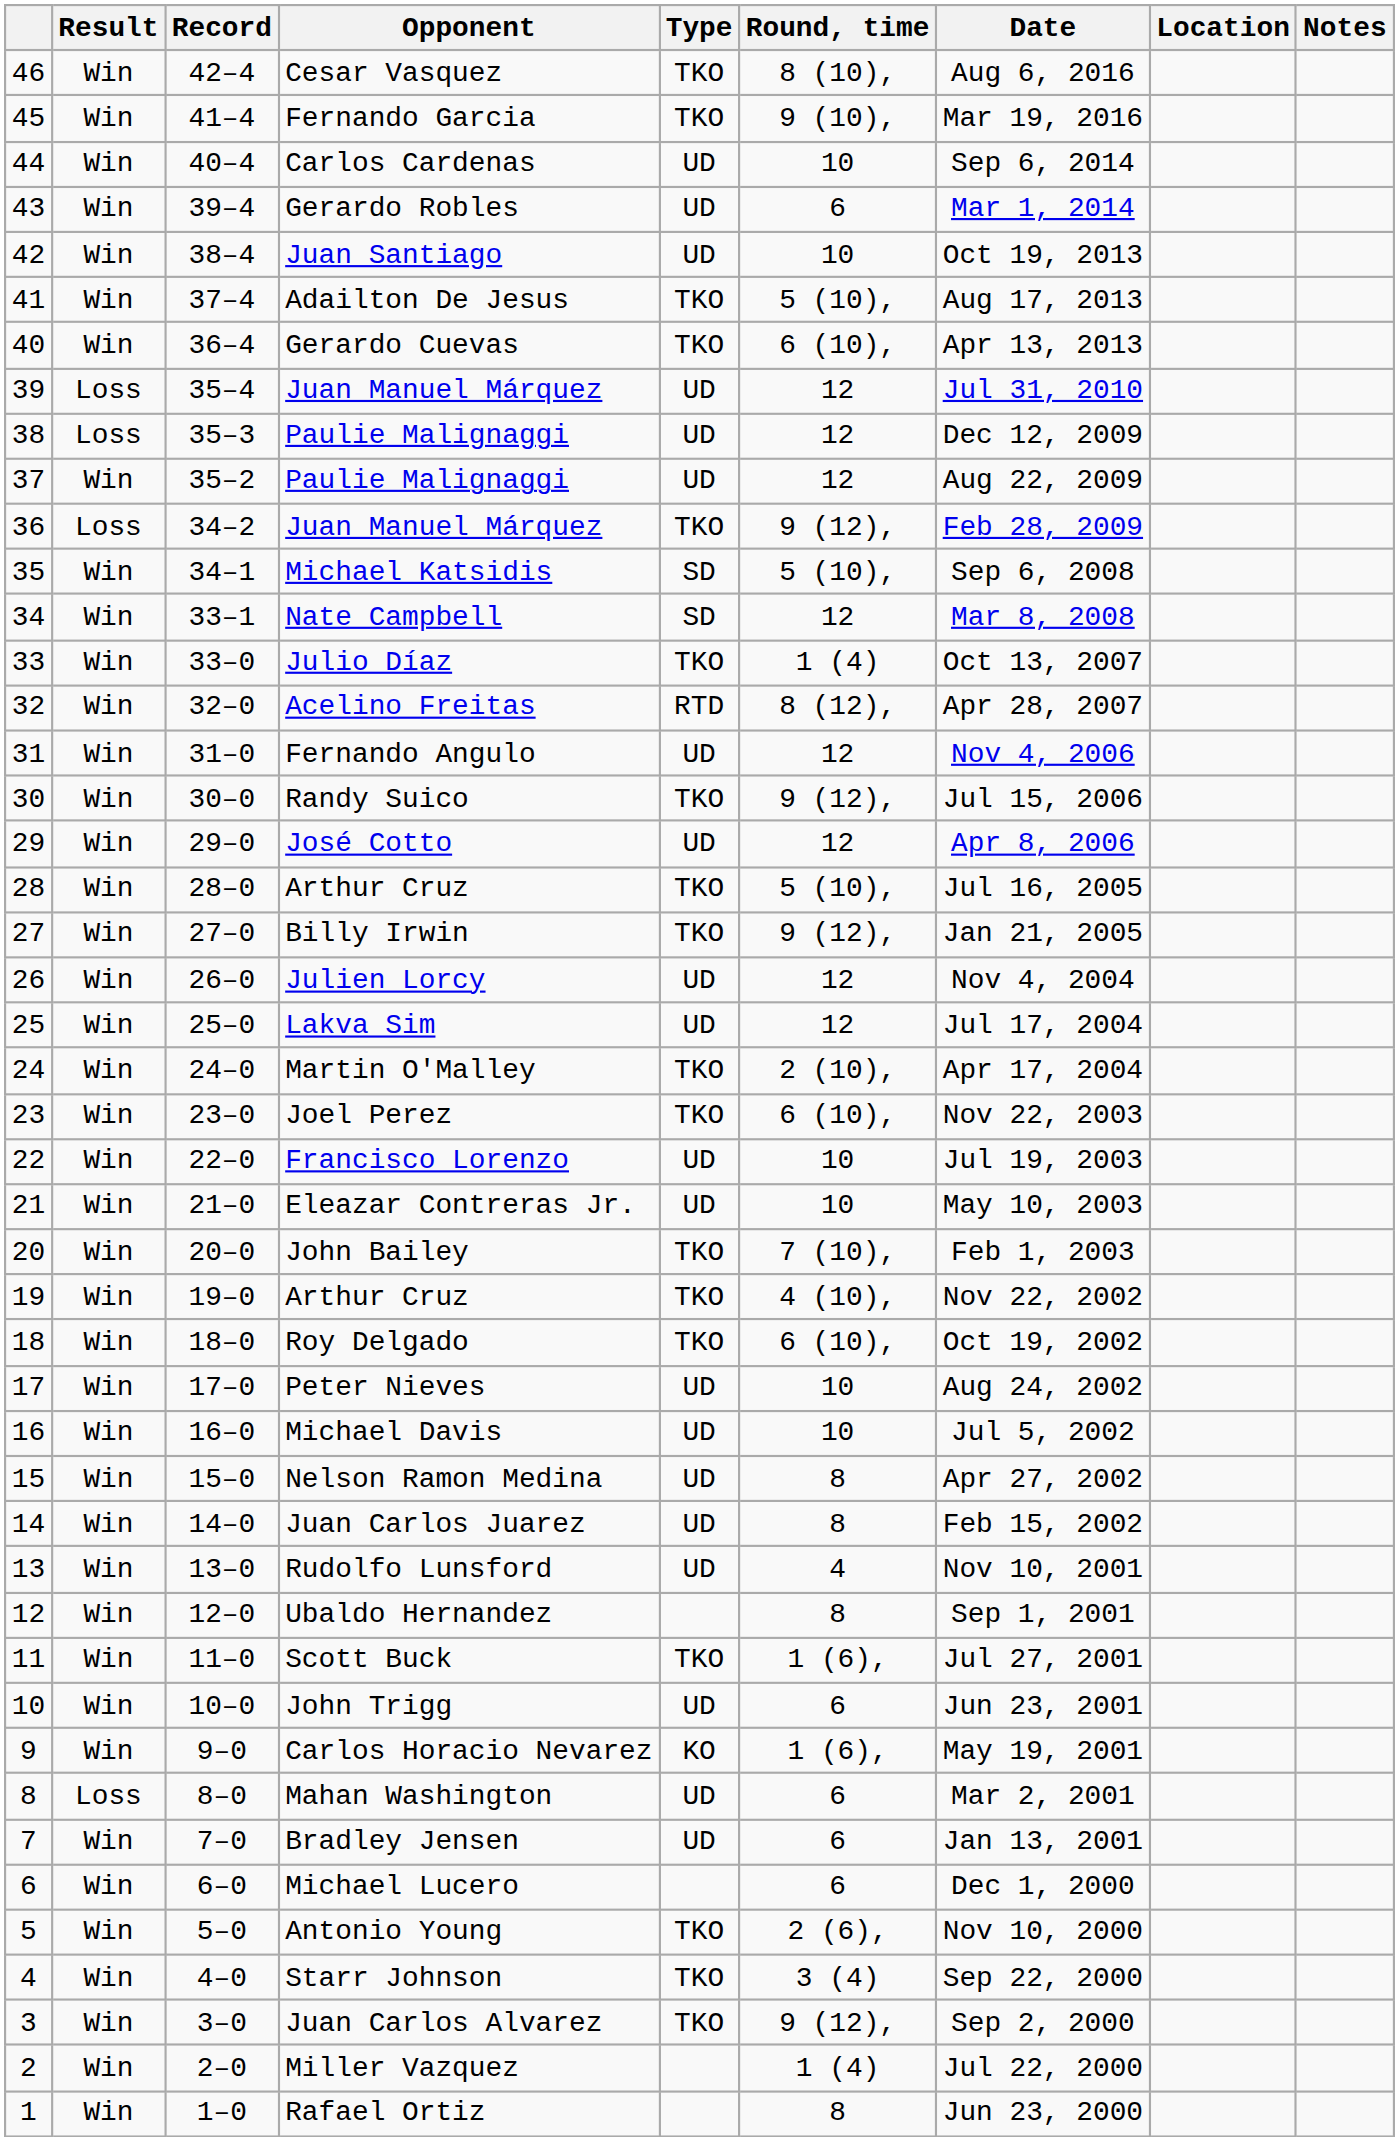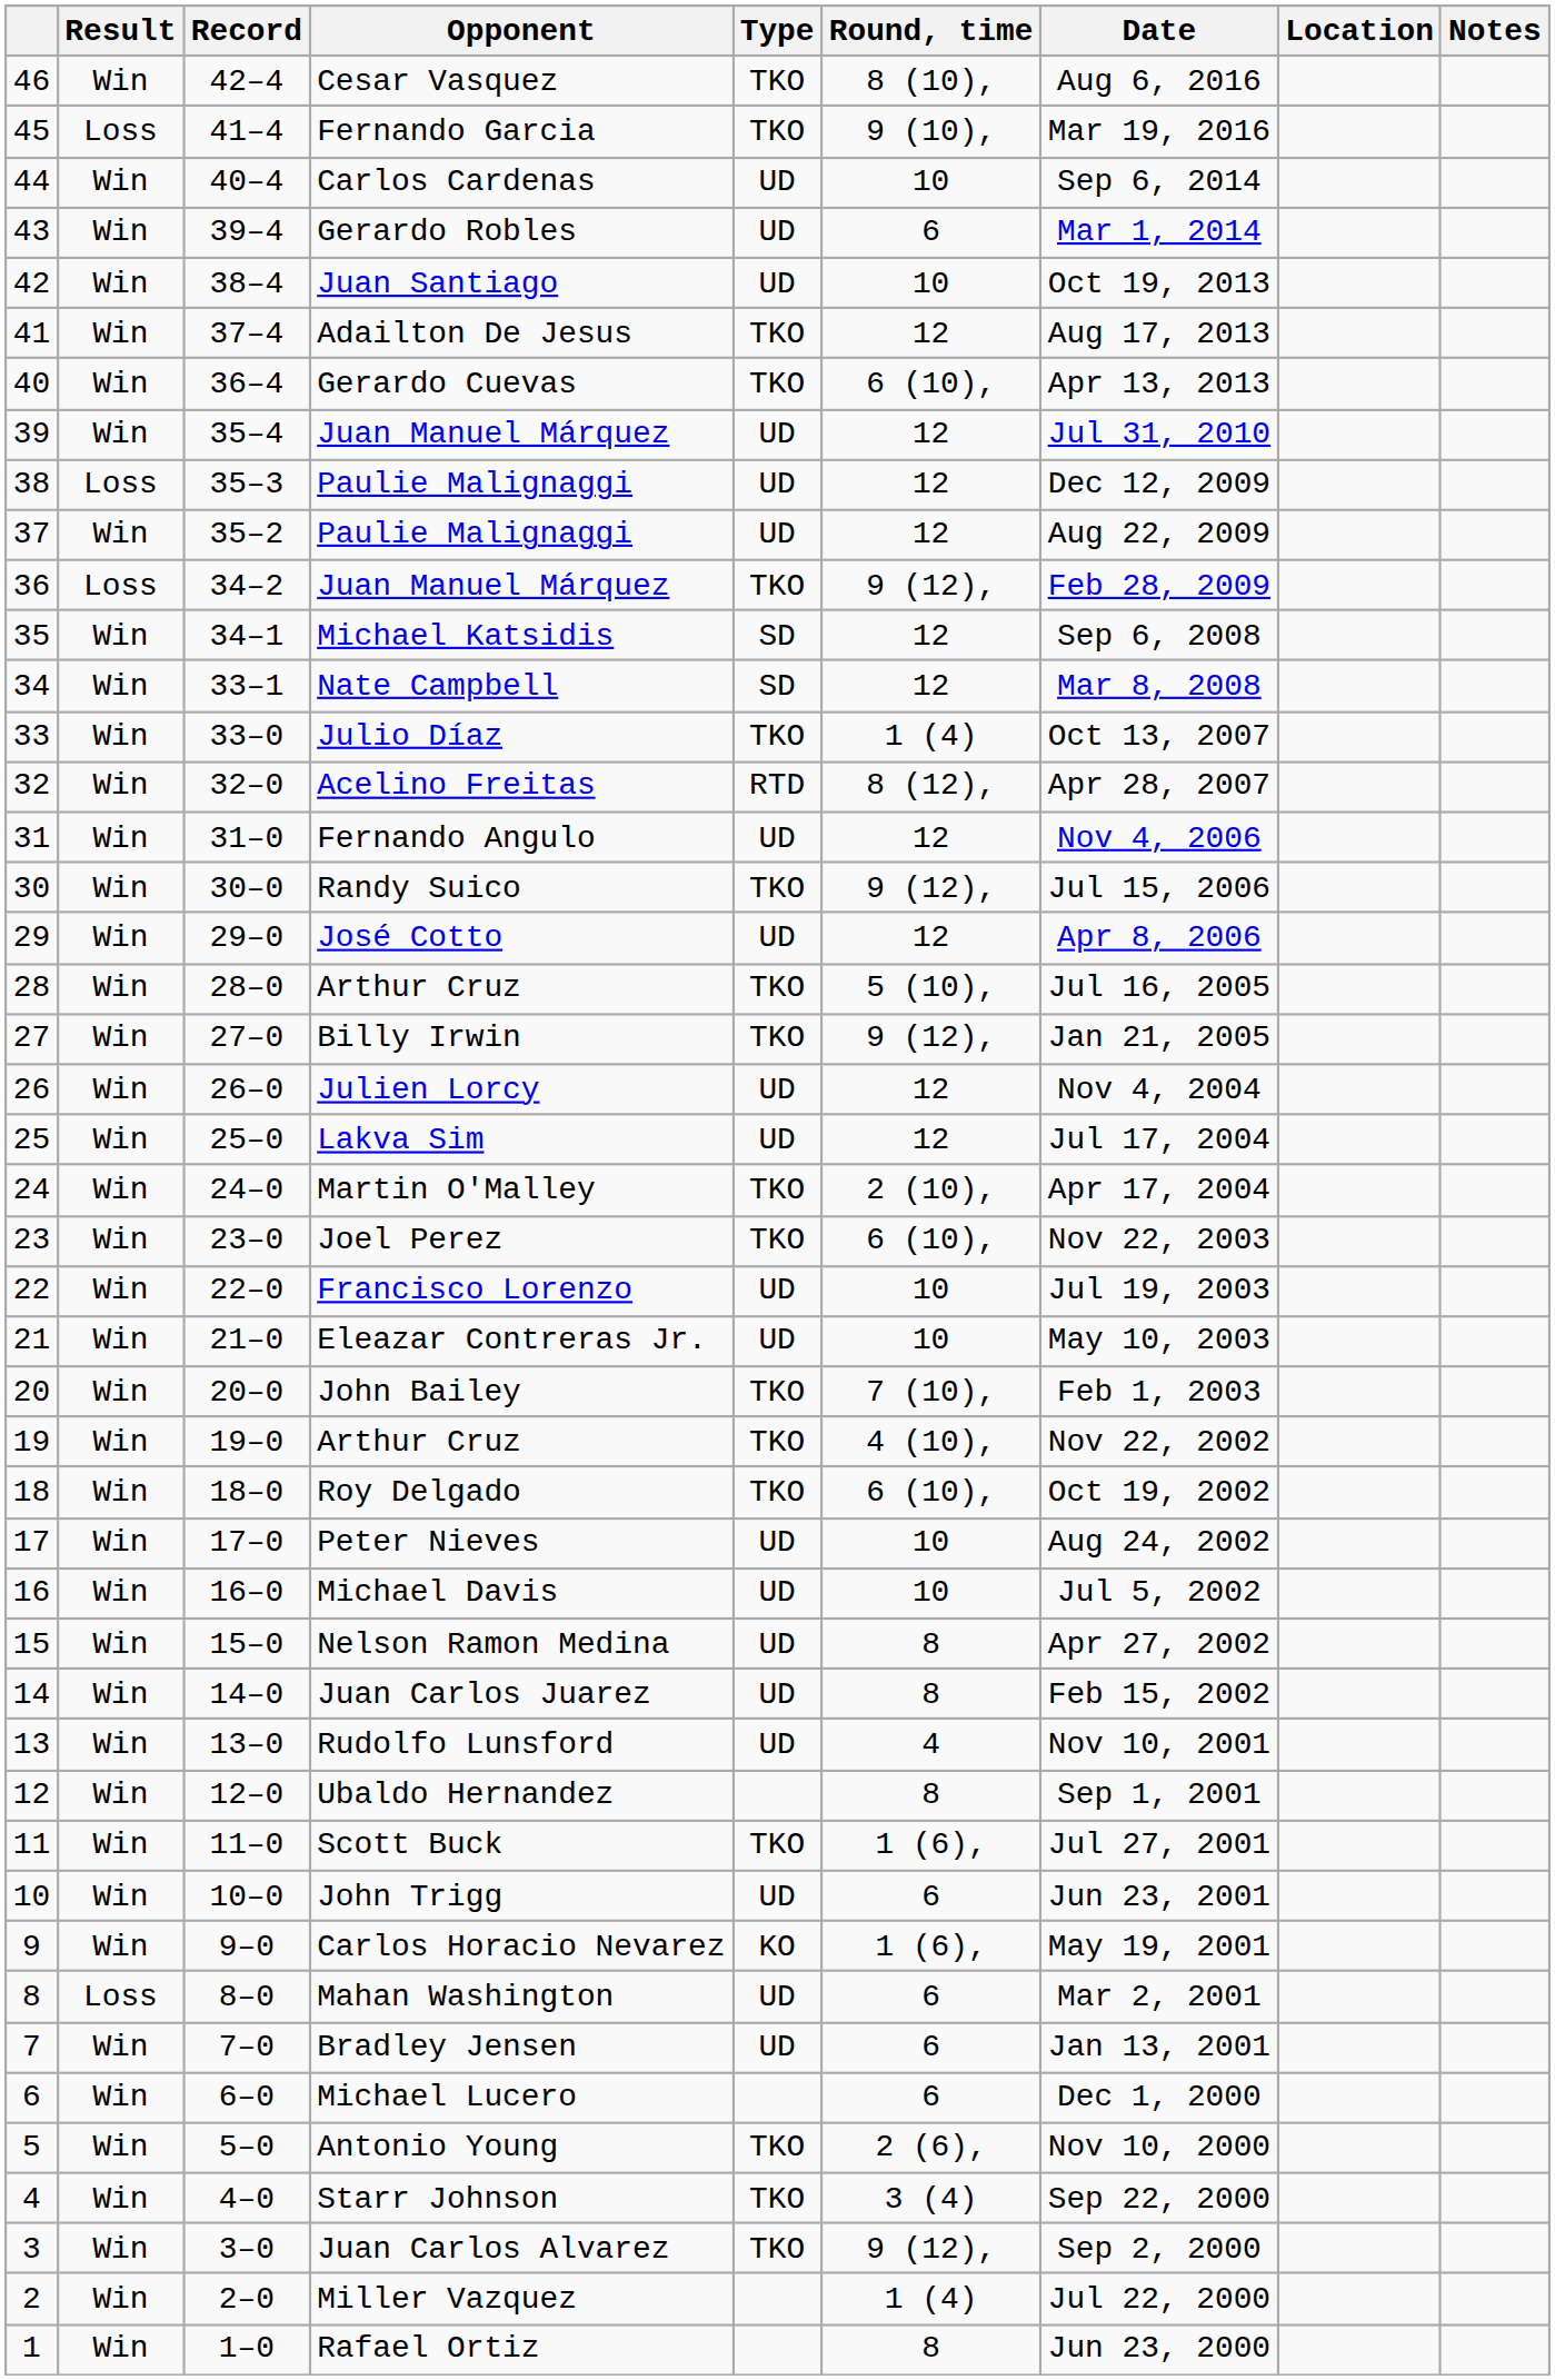 <table class="wikitable" style="text-align:center">
 <tr>
 <th></th>
 <th>Result</th>
 <th>Record</th>
 <th>Opponent</th>
 <th>Type</th>
 <th>Round, time</th>
 <th>Date</th>
 <th>Location</th>
 <th>Notes</th>
 </tr>
 <tr>
 <td>46</td>
 <td>Win</td>
 <td>42–4</td>
 <td style="text-align:left;">Cesar Vasquez</td>
 <td>TKO</td>
 <td>8 (10), </td>
 <td>Aug 6, 2016</td>
 <td style="text-align:left;"></td>
 <td></td>
 </tr>
 <tr>
 <td>45</td>
-<td>Win</td>
+<td>Loss</td>
 <td>41–4</td>
 <td style="text-align:left;">Fernando Garcia</td>
 <td>TKO</td>
 <td>9 (10), </td>
 <td>Mar 19, 2016</td>
 <td style="text-align:left;"></td>
 <td></td>
 </tr>
 <tr>
 <td>44</td>
 <td>Win</td>
 <td>40–4</td>
 <td style="text-align:left;">Carlos Cardenas</td>
 <td>UD</td>
 <td>10</td>
 <td>Sep 6, 2014</td>
 <td style="text-align:left;"></td>
 <td></td>
 </tr>
 <tr>
 <td>43</td>
 <td>Win</td>
 <td>39–4</td>
 <td style="text-align:left;">Gerardo Robles</td>
 <td>UD</td>
 <td>6</td>
 <td><a href='#'>Mar 1, 2014</a></td>
 <td style="text-align:left;"></td>
 <td></td>
 </tr>
 <tr>
 <td>42</td>
 <td>Win</td>
 <td>38–4</td>
 <td style="text-align:left;"><a href='#'>Juan Santiago</a></td>
 <td>UD</td>
 <td>10</td>
 <td>Oct 19, 2013</td>
 <td style="text-align:left;"></td>
 <td></td>
 </tr>
 <tr>
 <td>41</td>
 <td>Win</td>
 <td>37–4</td>
 <td style="text-align:left;">Adailton De Jesus</td>
 <td>TKO</td>
-<td>5 (10), </td>
+<td>12</td>
 <td>Aug 17, 2013</td>
 <td style="text-align:left;"></td>
 <td></td>
 </tr>
 <tr>
 <td>40</td>
 <td>Win</td>
 <td>36–4</td>
 <td style="text-align:left;">Gerardo Cuevas</td>
 <td>TKO</td>
 <td>6 (10), </td>
 <td>Apr 13, 2013</td>
 <td style="text-align:left;"></td>
 <td></td>
 </tr>
 <tr>
 <td>39</td>
-<td>Loss</td>
+<td>Win</td>
 <td>35–4</td>
 <td style="text-align:left;"><a href='#'>Juan Manuel Márquez</a></td>
 <td>UD</td>
 <td>12</td>
 <td><a href='#'>Jul 31, 2010</a></td>
 <td style="text-align:left;"></td>
 <td style="text-align:left;"></td>
 </tr>
 <tr>
 <td>38</td>
 <td>Loss</td>
 <td>35–3</td>
 <td style="text-align:left;"><a href='#'>Paulie Malignaggi</a></td>
 <td>UD</td>
 <td>12</td>
 <td>Dec 12, 2009</td>
 <td style="text-align:left;"></td>
 <td style="text-align:left;"></td>
 </tr>
 <tr>
 <td>37</td>
 <td>Win</td>
 <td>35–2</td>
 <td style="text-align:left;"><a href='#'>Paulie Malignaggi</a></td>
 <td>UD</td>
 <td>12</td>
 <td>Aug 22, 2009</td>
 <td style="text-align:left;"></td>
 <td style="text-align:left;"></td>
 </tr>
 <tr>
 <td>36</td>
 <td>Loss</td>
 <td>34–2</td>
 <td style="text-align:left;"><a href='#'>Juan Manuel Márquez</a></td>
 <td>TKO</td>
 <td>9 (12), </td>
 <td><a href='#'>Feb 28, 2009</a></td>
 <td style="text-align:left;"></td>
 <td style="text-align:left;"></td>
 </tr>
 <tr>
 <td>35</td>
 <td>Win</td>
 <td>34–1</td>
 <td style="text-align:left;"><a href='#'>Michael Katsidis</a></td>
 <td>SD</td>
-<td>5 (10), </td>
+<td>12</td>
 <td>Sep 6, 2008</td>
 <td style="text-align:left;"></td>
 <td style="text-align:left;"></td>
 </tr>
 <tr>
 <td>34</td>
 <td>Win</td>
 <td>33–1</td>
 <td style="text-align:left;"><a href='#'>Nate Campbell</a></td>
 <td>SD</td>
 <td>12</td>
 <td><a href='#'>Mar 8, 2008</a></td>
 <td style="text-align:left;"></td>
 <td style="text-align:left;"></td>
 </tr>
 <tr>
 <td>33</td>
 <td>Win</td>
 <td>33–0</td>
 <td style="text-align:left;"><a href='#'>Julio Díaz</a></td>
 <td>TKO</td>
 <td>1 (4)</td>
 <td>Oct 13, 2007</td>
 <td style="text-align:left;"></td>
 <td style="text-align:left;"></td>
 </tr>
 <tr>
 <td>32</td>
 <td>Win</td>
 <td>32–0</td>
 <td style="text-align:left;"><a href='#'>Acelino Freitas</a></td>
 <td>RTD</td>
 <td>8 (12), </td>
 <td>Apr 28, 2007</td>
 <td style="text-align:left;"></td>
 <td style="text-align:left;"></td>
 </tr>
 <tr>
 <td>31</td>
 <td>Win</td>
 <td>31–0</td>
 <td style="text-align:left;">Fernando Angulo</td>
 <td>UD</td>
 <td>12</td>
 <td><a href='#'>Nov 4, 2006</a></td>
 <td style="text-align:left;"></td>
 <td style="text-align:left;"></td>
 </tr>
 <tr>
 <td>30</td>
 <td>Win</td>
 <td>30–0</td>
 <td style="text-align:left;">Randy Suico</td>
 <td>TKO</td>
 <td>9 (12), </td>
 <td>Jul 15, 2006</td>
 <td style="text-align:left;"></td>
 <td style="text-align:left;"></td>
 </tr>
 <tr>
 <td>29</td>
 <td>Win</td>
 <td>29–0</td>
 <td style="text-align:left;"><a href='#'>José Cotto</a></td>
 <td>UD</td>
 <td>12</td>
 <td><a href='#'>Apr 8, 2006</a></td>
 <td style="text-align:left;"></td>
 <td style="text-align:left;"></td>
 </tr>
 <tr>
 <td>28</td>
 <td>Win</td>
 <td>28–0</td>
 <td style="text-align:left;">Arthur Cruz</td>
 <td>TKO</td>
 <td>5 (10), </td>
 <td>Jul 16, 2005</td>
 <td style="text-align:left;"></td>
 <td></td>
 </tr>
 <tr>
 <td>27</td>
 <td>Win</td>
 <td>27–0</td>
 <td style="text-align:left;">Billy Irwin</td>
 <td>TKO</td>
 <td>9 (12), </td>
 <td>Jan 21, 2005</td>
 <td style="text-align:left;"></td>
 <td style="text-align:left;"></td>
 </tr>
 <tr>
 <td>26</td>
 <td>Win</td>
 <td>26–0</td>
 <td style="text-align:left;"><a href='#'>Julien Lorcy</a></td>
 <td>UD</td>
 <td>12</td>
 <td>Nov 4, 2004</td>
 <td style="text-align:left;"></td>
 <td style="text-align:left;"></td>
 </tr>
 <tr>
 <td>25</td>
 <td>Win</td>
 <td>25–0</td>
 <td style="text-align:left;"><a href='#'>Lakva Sim</a></td>
 <td>UD</td>
 <td>12</td>
 <td>Jul 17, 2004</td>
 <td style="text-align:left;"></td>
 <td style="text-align:left;"></td>
 </tr>
 <tr>
 <td>24</td>
 <td>Win</td>
 <td>24–0</td>
 <td style="text-align:left;">Martin O'Malley</td>
 <td>TKO</td>
 <td>2 (10), </td>
 <td>Apr 17, 2004</td>
 <td style="text-align:left;"></td>
 <td></td>
 </tr>
 <tr>
 <td>23</td>
 <td>Win</td>
 <td>23–0</td>
 <td style="text-align:left;">Joel Perez</td>
 <td>TKO</td>
 <td>6 (10), </td>
 <td>Nov 22, 2003</td>
 <td style="text-align:left;"></td>
 <td style="text-align:left;"></td>
 </tr>
 <tr>
 <td>22</td>
 <td>Win</td>
 <td>22–0</td>
 <td style="text-align:left;"><a href='#'>Francisco Lorenzo</a></td>
 <td>UD</td>
 <td>10</td>
 <td>Jul 19, 2003</td>
 <td style="text-align:left;"></td>
 <td style="text-align:left;"></td>
 </tr>
 <tr>
 <td>21</td>
 <td>Win</td>
 <td>21–0</td>
 <td style="text-align:left;">Eleazar Contreras Jr.</td>
 <td>UD</td>
 <td>10</td>
 <td>May 10, 2003</td>
 <td style="text-align:left;"></td>
 <td style="text-align:left;"></td>
 </tr>
 <tr>
 <td>20</td>
 <td>Win</td>
 <td>20–0</td>
 <td style="text-align:left;">John Bailey</td>
 <td>TKO</td>
 <td>7 (10), </td>
 <td>Feb 1, 2003</td>
 <td style="text-align:left;"></td>
 <td></td>
 </tr>
 <tr>
 <td>19</td>
 <td>Win</td>
 <td>19–0</td>
 <td style="text-align:left;">Arthur Cruz</td>
 <td>TKO</td>
 <td>4 (10), </td>
 <td>Nov 22, 2002</td>
 <td style="text-align:left;"></td>
 <td></td>
 </tr>
 <tr>
 <td>18</td>
 <td>Win</td>
 <td>18–0</td>
 <td style="text-align:left;">Roy Delgado</td>
 <td>TKO</td>
 <td>6 (10), </td>
 <td>Oct 19, 2002</td>
 <td style="text-align:left;"></td>
 <td></td>
 </tr>
 <tr>
 <td>17</td>
 <td>Win</td>
 <td>17–0</td>
 <td style="text-align:left;">Peter Nieves</td>
 <td>UD</td>
 <td>10</td>
 <td>Aug 24, 2002</td>
 <td style="text-align:left;"></td>
 <td></td>
 </tr>
 <tr>
 <td>16</td>
 <td>Win</td>
 <td>16–0</td>
 <td style="text-align:left;">Michael Davis</td>
 <td>UD</td>
 <td>10</td>
 <td>Jul 5, 2002</td>
 <td style="text-align:left;"></td>
 <td></td>
 </tr>
 <tr>
 <td>15</td>
 <td>Win</td>
 <td>15–0</td>
 <td style="text-align:left;">Nelson Ramon Medina</td>
 <td>UD</td>
 <td>8</td>
 <td>Apr 27, 2002</td>
 <td style="text-align:left;"></td>
 <td></td>
 </tr>
 <tr>
 <td>14</td>
 <td>Win</td>
 <td>14–0</td>
 <td style="text-align:left;">Juan Carlos Juarez</td>
 <td>UD</td>
 <td>8</td>
 <td>Feb 15, 2002</td>
 <td style="text-align:left;"></td>
 <td></td>
 </tr>
 <tr>
 <td>13</td>
 <td>Win</td>
 <td>13–0</td>
 <td style="text-align:left;">Rudolfo Lunsford</td>
 <td>UD</td>
 <td>4</td>
 <td>Nov 10, 2001</td>
 <td style="text-align:left;"></td>
 <td></td>
 </tr>
 <tr>
 <td>12</td>
 <td>Win</td>
 <td>12–0</td>
 <td style="text-align:left;">Ubaldo Hernandez</td>
 <td></td>
 <td>8</td>
 <td>Sep 1, 2001</td>
 <td style="text-align:left;"></td>
 <td></td>
 </tr>
 <tr>
 <td>11</td>
 <td>Win</td>
 <td>11–0</td>
 <td style="text-align:left;">Scott Buck</td>
 <td>TKO</td>
 <td>1 (6), </td>
 <td>Jul 27, 2001</td>
 <td style="text-align:left;"></td>
 <td></td>
 </tr>
 <tr>
 <td>10</td>
 <td>Win</td>
 <td>10–0</td>
 <td style="text-align:left;">John Trigg</td>
 <td>UD</td>
 <td>6</td>
 <td>Jun 23, 2001</td>
 <td style="text-align:left;"></td>
 <td></td>
 </tr>
 <tr>
 <td>9</td>
 <td>Win</td>
 <td>9–0</td>
 <td style="text-align:left;">Carlos Horacio Nevarez</td>
 <td>KO</td>
 <td>1 (6), </td>
 <td>May 19, 2001</td>
 <td style="text-align:left;"></td>
 <td></td>
 </tr>
 <tr>
 <td>8</td>
 <td>Loss</td>
 <td>8–0</td>
 <td style="text-align:left;">Mahan Washington</td>
 <td>UD</td>
 <td>6</td>
 <td>Mar 2, 2001</td>
 <td style="text-align:left;"></td>
 <td></td>
 </tr>
 <tr>
 <td>7</td>
 <td>Win</td>
 <td>7–0</td>
 <td style="text-align:left;">Bradley Jensen</td>
 <td>UD</td>
 <td>6</td>
 <td>Jan 13, 2001</td>
 <td style="text-align:left;"></td>
 <td></td>
 </tr>
 <tr>
 <td>6</td>
 <td>Win</td>
 <td>6–0</td>
 <td style="text-align:left;">Michael Lucero</td>
 <td></td>
 <td>6</td>
 <td>Dec 1, 2000</td>
 <td style="text-align:left;"></td>
 <td></td>
 </tr>
 <tr>
 <td>5</td>
 <td>Win</td>
 <td>5–0</td>
 <td style="text-align:left;">Antonio Young</td>
 <td>TKO</td>
 <td>2 (6), </td>
 <td>Nov 10, 2000</td>
 <td style="text-align:left;"></td>
 <td></td>
 </tr>
 <tr>
 <td>4</td>
 <td>Win</td>
 <td>4–0</td>
 <td style="text-align:left;">Starr Johnson</td>
 <td>TKO</td>
 <td>3 (4)</td>
 <td>Sep 22, 2000</td>
 <td style="text-align:left;"></td>
 <td></td>
 </tr>
 <tr>
 <td>3</td>
 <td>Win</td>
 <td>3–0</td>
 <td style="text-align:left;">Juan Carlos Alvarez</td>
 <td>TKO</td>
 <td>9 (12), </td>
 <td>Sep 2, 2000</td>
 <td style="text-align:left;"></td>
 <td></td>
 </tr>
 <tr>
 <td>2</td>
 <td>Win</td>
 <td>2–0</td>
 <td style="text-align:left;">Miller Vazquez</td>
 <td></td>
 <td>1 (4)</td>
 <td>Jul 22, 2000</td>
 <td style="text-align:left;"></td>
 <td></td>
 </tr>
 <tr>
 <td>1</td>
 <td>Win</td>
 <td>1–0</td>
 <td style="text-align:left;">Rafael Ortiz</td>
 <td></td>
 <td>8</td>
 <td>Jun 23, 2000</td>
 <td style="text-align:left;"></td>
 <td></td>
 </tr>
 </table>
